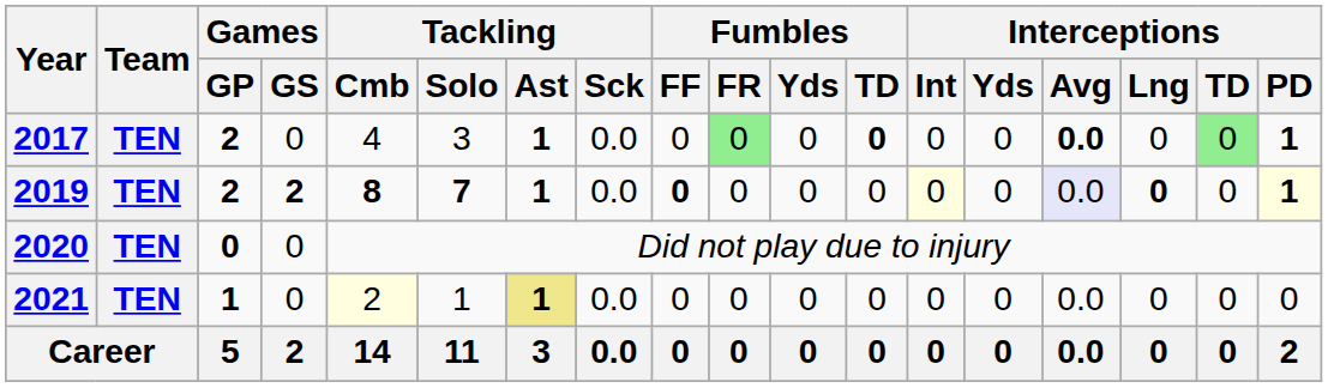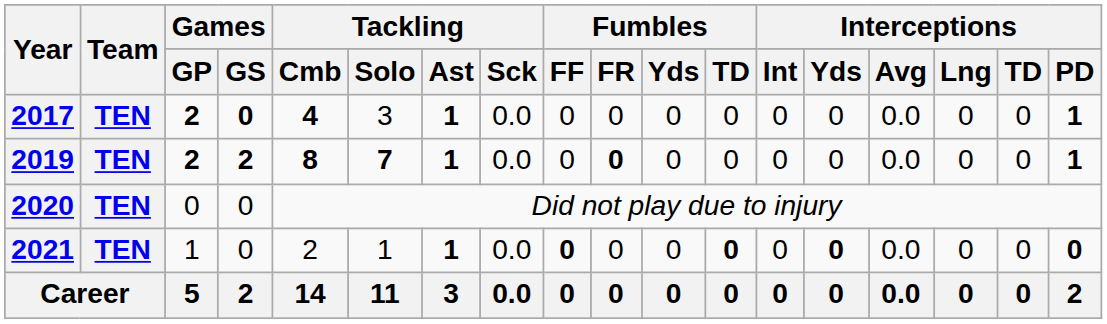 <table class= "wikitable" style="text-align:center;">
 <tr>
 <th rowspan="2">Year</th>
 <th rowspan="2">Team</th>
 <th colspan="2">Games</th>
 <th colspan="4">Tackling</th>
 <th colspan="4">Fumbles</th>
 <th colspan="6">Interceptions</th>
 </tr>
 <tr>
 <th>GP</th>
 <th>GS</th>
 <th>Cmb</th>
 <th>Solo</th>
 <th>Ast</th>
 <th>Sck</th>
 <th>FF</th>
 <th>FR</th>
 <th>Yds</th>
 <th>TD</th>
 <th>Int</th>
 <th>Yds</th>
 <th>Avg</th>
 <th>Lng</th>
 <th>TD</th>
 <th>PD</th>
 </tr>
 <tr>
 <th><a href='#'>2017</a></th>
 <th><a href='#'>TEN</a></th>
 <td><strong>2</strong></td>
-<td>0</td>
-<td>4</td>
+<td><strong>0</strong></td>
+<td><strong>4</strong></td>
 <td>3</td>
 <td><strong>1</strong></td>
 <td>0.0</td>
 <td>0</td>
-<td style="background: lightgreen;">0</td>
-<td>0</td>
-<td><strong>0</strong></td>
 <td>0</td>
 <td>0</td>
-<td><strong>0.0</strong></td>
 <td>0</td>
-<td style="background: lightgreen;">0</td>
+<td>0</td>
+<td>0</td>
+<td>0.0</td>
+<td>0</td>
+<td>0</td>
 <td><strong>1</strong></td>
 </tr>
 <tr>
 <th><a href='#'>2019</a></th>
 <th><a href='#'>TEN</a></th>
 <td><strong>2</strong></td>
 <td><strong>2</strong></td>
 <td><strong>8</strong></td>
 <td><strong>7</strong></td>
 <td><strong>1</strong></td>
 <td>0.0</td>
+<td>0</td>
 <td><strong>0</strong></td>
-<td>0</td>
-<td>0</td>
-<td>0</td>
-<td style="background: lightyellow;">0</td>
-<td>0</td>
-<td style="background: lavender;">0.0</td>
-<td><strong>0</strong></td>
-<td>0</td>
-<td style="background: lightyellow;"><strong>1</strong></td>
-</tr>
-<tr>
-<th><a href='#'>2020</a></th>
-<th><a href='#'>TEN</a></th>
-<td><strong>0</strong></td>
-<td>0</td>
-<td colspan="14"><em>Did not play due to injury</em></td>
-</tr>
-<tr>
-<th><a href='#'>2021</a></th>
-<th><a href='#'>TEN</a></th>
-<td><strong>1</strong></td>
-<td>0</td>
-<td style="background: lightyellow;">2</td>
-<td>1</td>
-<td style="background: khaki;"><strong>1</strong></td>
-<td>0.0</td>
-<td>0</td>
-<td>0</td>
 <td>0</td>
 <td>0</td>
 <td>0</td>
 <td>0</td>
 <td>0.0</td>
 <td>0</td>
 <td>0</td>
+<td><strong>1</strong></td>
+</tr>
+<tr>
+<th><a href='#'>2020</a></th>
+<th><a href='#'>TEN</a></th>
 <td>0</td>
+<td>0</td>
+<td colspan="14"><em>Did not play due to injury</em></td>
+</tr>
+<tr>
+<th><a href='#'>2021</a></th>
+<th><a href='#'>TEN</a></th>
+<td>1</td>
+<td>0</td>
+<td>2</td>
+<td>1</td>
+<td><strong>1</strong></td>
+<td>0.0</td>
+<td><strong>0</strong></td>
+<td>0</td>
+<td>0</td>
+<td><strong>0</strong></td>
+<td>0</td>
+<td><strong>0</strong></td>
+<td>0.0</td>
+<td>0</td>
+<td>0</td>
+<td><strong>0</strong></td>
 </tr>
 <tr>
 <th colspan="2">Career</th>
 <th>5</th>
 <th>2</th>
 <th>14</th>
 <th>11</th>
 <th>3</th>
 <th>0.0</th>
 <th>0</th>
 <th>0</th>
 <th>0</th>
 <th>0</th>
 <th>0</th>
 <th>0</th>
 <th>0.0</th>
 <th>0</th>
 <th>0</th>
 <th>2</th>
 </tr>
 </table>
